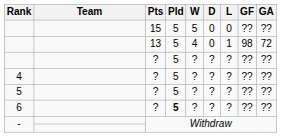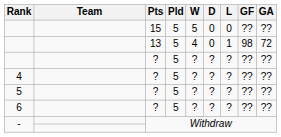 <table class=wikitable style="text-align:center;">
 <tr>
 <th>Rank</th>
 <th width=170>Team</th>
 <th width=20px>Pts</th>
 <th width=20px>Pld</th>
 <th width=20px>W</th>
 <th width=20px>D</th>
 <th width=20px>L</th>
 <th width=20px>GF</th>
 <th width=20px>GA</th>
 </tr>
 <tr>
 <td></td>
 <td align=left><strong></strong></td>
 <td>15</td>
 <td>5</td>
 <td>5</td>
 <td>0</td>
 <td>0</td>
 <td>??</td>
 <td>??</td>
 </tr>
 <tr>
 <td></td>
 <td align=left></td>
 <td>13</td>
 <td>5</td>
 <td>4</td>
 <td>0</td>
 <td>1</td>
 <td>98</td>
 <td>72</td>
 </tr>
 <tr>
 <td></td>
 <td align=left></td>
 <td>?</td>
 <td>5</td>
 <td>?</td>
 <td>?</td>
 <td>?</td>
 <td>??</td>
 <td>??</td>
 </tr>
 <tr>
 <td>4</td>
 <td align=left></td>
 <td>?</td>
 <td>5</td>
 <td>?</td>
 <td>?</td>
 <td>?</td>
 <td>??</td>
 <td>??</td>
 </tr>
 <tr>
 <td>5</td>
 <td align=left></td>
 <td>?</td>
 <td>5</td>
 <td>?</td>
 <td>?</td>
 <td>?</td>
 <td>??</td>
 <td>??</td>
 </tr>
 <tr>
 <td>6</td>
 <td align=left></td>
 <td>?</td>
-<td><strong>5</strong></td>
+<td>5</td>
 <td>?</td>
 <td>?</td>
 <td>?</td>
 <td>??</td>
 <td>??</td>
 </tr>
 <tr>
 <td rowspan="2">-</td>
 <td align=left></td>
 <td rowspan="2" colspan="7"><em>Withdraw</em></td>
 </tr>
 <tr>
 <td align=left></td>
 </tr>
 </table>
